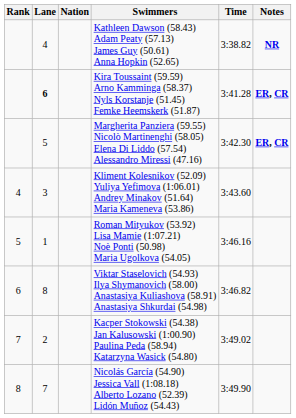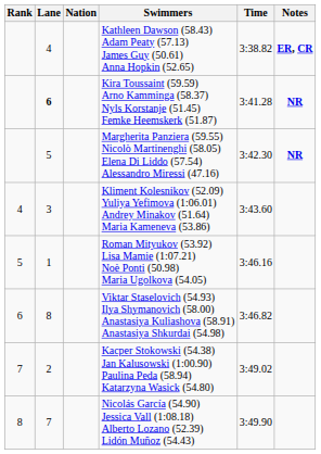 <table class="wikitable sortable" style="text-align:center">
 <tr>
 <th>Rank</th>
 <th>Lane</th>
 <th>Nation</th>
 <th>Swimmers</th>
 <th>Time</th>
 <th>Notes</th>
 </tr>
 <tr>
 <td></td>
 <td>4</td>
 <td align=left></td>
 <td align=left><a href='#'>Kathleen Dawson</a> (58.43)<br><a href='#'>Adam Peaty</a> (57.13)<br><a href='#'>James Guy</a> (50.61)<br><a href='#'>Anna Hopkin</a> (52.65)</td>
 <td>3:38.82</td>
-<td><strong><a href='#'>NR</a></strong></td>
+<td><strong><a href='#'>ER</a>, <a href='#'>CR</a></strong></td>
 </tr>
 <tr>
 <td></td>
 <td><strong>6</strong></td>
 <td align=left></td>
 <td align=left><a href='#'>Kira Toussaint</a> (59.59)<br><a href='#'>Arno Kamminga</a> (58.37)<br><a href='#'>Nyls Korstanje</a> (51.45)<br><a href='#'>Femke Heemskerk</a> (51.87)</td>
 <td>3:41.28</td>
-<td><strong><a href='#'>ER</a>, <a href='#'>CR</a></strong></td>
+<td><strong><a href='#'>NR</a></strong></td>
 </tr>
 <tr>
 <td></td>
 <td>5</td>
 <td align=left></td>
 <td align=left><a href='#'>Margherita Panziera</a> (59.55)<br><a href='#'>Nicolò Martinenghi</a> (58.05)<br><a href='#'>Elena Di Liddo</a> (57.54)<br><a href='#'>Alessandro Miressi</a> (47.16)</td>
 <td>3:42.30</td>
-<td><strong><a href='#'>ER</a>, <a href='#'>CR</a></strong></td>
+<td><strong><a href='#'>NR</a></strong></td>
 </tr>
 <tr>
 <td>4</td>
 <td>3</td>
 <td align=left></td>
 <td align=left><a href='#'>Kliment Kolesnikov</a> (52.09)<br><a href='#'>Yuliya Yefimova</a> (1:06.01)<br><a href='#'>Andrey Minakov</a> (51.64)<br><a href='#'>Maria Kameneva</a> (53.86)</td>
 <td>3:43.60</td>
 <td></td>
 </tr>
 <tr>
 <td>5</td>
 <td>1</td>
 <td align=left></td>
 <td align=left><a href='#'>Roman Mityukov</a> (53.92)<br><a href='#'>Lisa Mamie</a> (1:07.21)<br><a href='#'>Noè Ponti</a> (50.98)<br><a href='#'>Maria Ugolkova</a> (54.05)</td>
 <td>3:46.16</td>
 <td></td>
 </tr>
 <tr>
 <td>6</td>
 <td>8</td>
 <td align=left></td>
 <td align=left><a href='#'>Viktar Staselovich</a> (54.93)<br><a href='#'>Ilya Shymanovich</a> (58.00)<br><a href='#'>Anastasiya Kuliashova</a> (58.91)<br><a href='#'>Anastasiya Shkurdai</a> (54.98)</td>
 <td>3:46.82</td>
 <td></td>
 </tr>
 <tr>
 <td>7</td>
 <td>2</td>
 <td align=left></td>
 <td align=left><a href='#'>Kacper Stokowski</a> (54.38)<br><a href='#'>Jan Kalusowski</a> (1:00.90)<br><a href='#'>Paulina Peda</a> (58.94)<br><a href='#'>Katarzyna Wasick</a> (54.80)</td>
 <td>3:49.02</td>
 <td></td>
 </tr>
 <tr>
 <td>8</td>
 <td>7</td>
 <td align=left></td>
 <td align=left><a href='#'>Nicolás García</a> (54.90)<br><a href='#'>Jessica Vall</a> (1:08.18)<br><a href='#'>Alberto Lozano</a> (52.39)<br><a href='#'>Lidón Muñoz</a> (54.43)</td>
 <td>3:49.90</td>
 <td></td>
 </tr>
 </table>
